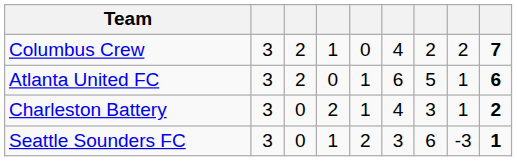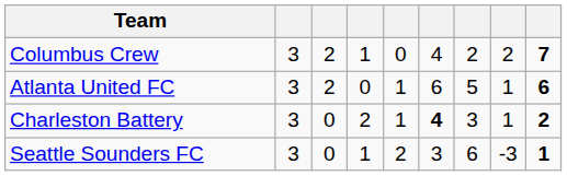 <table class="wikitable" style="text-align: center;">
 <tr>
 <th width="200">Team</th>
 <th width="20"></th>
 <th width="20"></th>
 <th width="20"></th>
 <th width="20"></th>
 <th width="20"></th>
 <th width="20"></th>
 <th width="20"></th>
 <th width="20"></th>
 </tr>
 <tr>
 <td style="text-align:left;"><a href='#'>Columbus Crew</a></td>
 <td>3</td>
 <td>2</td>
 <td>1</td>
 <td>0</td>
 <td>4</td>
 <td>2</td>
 <td>2</td>
 <td><strong>7</strong></td>
 </tr>
 <tr>
 <td style="text-align:left;"><a href='#'>Atlanta United FC</a></td>
 <td>3</td>
 <td>2</td>
 <td>0</td>
 <td>1</td>
 <td>6</td>
 <td>5</td>
 <td>1</td>
 <td><strong>6</strong></td>
 </tr>
 <tr>
 <td style="text-align:left;"><a href='#'>Charleston Battery</a></td>
 <td>3</td>
 <td>0</td>
 <td>2</td>
 <td>1</td>
-<td>4</td>
+<td><strong>4</strong></td>
 <td>3</td>
 <td>1</td>
 <td><strong>2</strong></td>
 </tr>
 <tr>
 <td style="text-align:left;"><a href='#'>Seattle Sounders FC</a></td>
 <td>3</td>
 <td>0</td>
 <td>1</td>
 <td>2</td>
 <td>3</td>
 <td>6</td>
 <td>-3</td>
 <td><strong>1</strong></td>
 </tr>
 </table>
